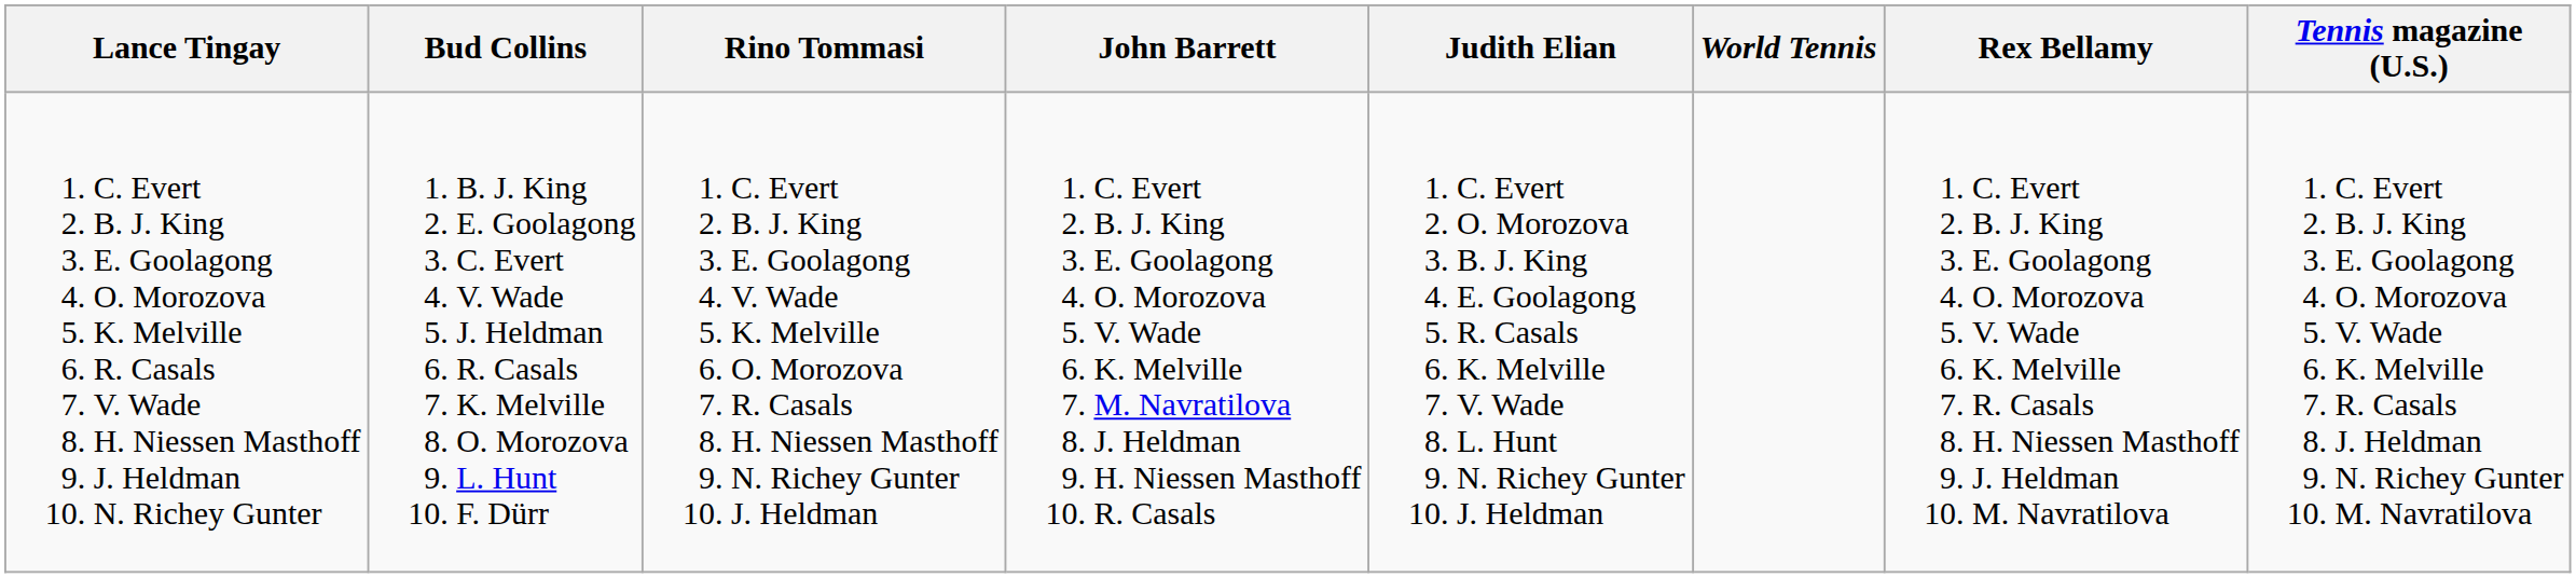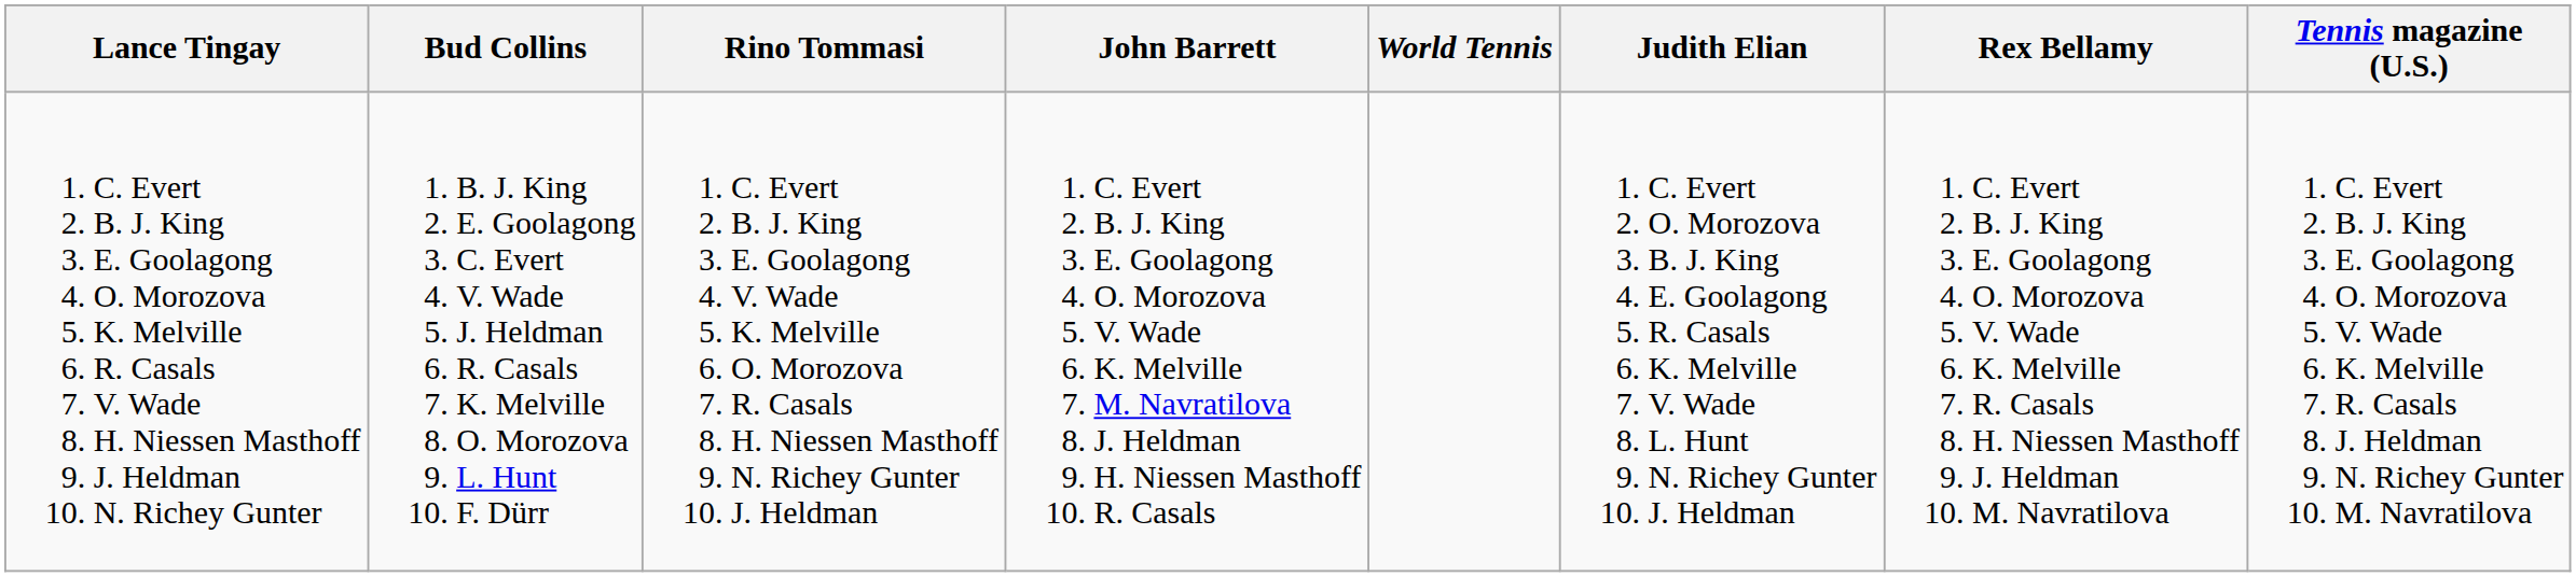 <table class="wikitable">
 <tr>
 <th>Lance Tingay<strong></strong></th>
 <th>Bud Collins</th>
 <th>Rino Tommasi</th>
 <th>John Barrett</th>
+<th><em>World Tennis</em></th>
 <th>Judith Elian<em></em></th>
-<th><em>World Tennis</em></th>
 <th>Rex Bellamy</th>
 <th><em><a href='#'>Tennis</a></em> magazine<br>(U.S.)</th>
 </tr>
 <tr style="vertical-align: top;">
 <td style="white-space: nowrap;"><br><ol><li> C. Evert</li><li> B. J. King</li><li> E. Goolagong</li><li> O. Morozova</li><li> K. Melville</li><li> R. Casals</li><li> V. Wade</li><li> H. Niessen Masthoff</li><li> J. Heldman</li><li> N. Richey Gunter</li></ol></td>
 <td style="white-space: nowrap;"><br><ol><li> B. J. King</li><li> E. Goolagong</li><li> C. Evert</li><li> V. Wade</li><li> J. Heldman</li><li> R. Casals</li><li> K. Melville</li><li> O. Morozova</li><li> <a href='#'>L. Hunt</a></li><li> F. Dürr</li></ol></td>
 <td style="white-space: nowrap;"><br><ol><li> C. Evert</li><li> B. J. King</li><li> E. Goolagong</li><li> V. Wade</li><li> K. Melville</li><li> O. Morozova</li><li> R. Casals</li><li> H. Niessen Masthoff</li><li> N. Richey Gunter</li><li> J. Heldman</li></ol></td>
 <td style="white-space: nowrap;"><br><ol><li> C. Evert</li><li> B. J. King</li><li> E. Goolagong</li><li> O. Morozova</li><li> V. Wade</li><li> K. Melville</li><li> <a href='#'>M. Navratilova</a></li><li> J. Heldman</li><li> H. Niessen Masthoff</li><li> R. Casals</li></ol></td>
+<td></td>
 <td style="white-space: nowrap;"><br><ol><li> C. Evert</li><li> O. Morozova</li><li> B. J. King</li><li> E. Goolagong</li><li> R. Casals</li><li> K. Melville</li><li> V. Wade</li><li> L. Hunt</li><li> N. Richey Gunter</li><li> J. Heldman</li></ol></td>
-<td></td>
 <td style="white-space: nowrap;"><br><ol><li> C. Evert</li><li> B. J. King</li><li> E. Goolagong</li><li> O. Morozova</li><li> V. Wade</li><li> K. Melville</li><li> R. Casals</li><li> H. Niessen Masthoff</li><li> J. Heldman</li><li> M. Navratilova</li></ol></td>
 <td style="white-space: nowrap;"><br><ol><li> C. Evert</li><li> B. J. King</li><li> E. Goolagong</li><li> O. Morozova</li><li> V. Wade</li><li> K. Melville</li><li> R. Casals</li><li> J. Heldman</li><li> N. Richey Gunter</li><li> M. Navratilova</li></ol></td>
 </tr>
 </table>
